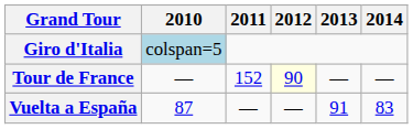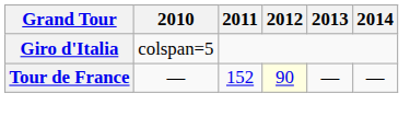 <table class="wikitable plainrowheaders">
 <tr>
 <th scope="col"><a href='#'>Grand Tour</a></th>
 <th scope="col">2010</th>
 <th scope="col">2011</th>
 <th scope="col">2012</th>
 <th scope="col">2013</th>
 <th scope="col">2014</th>
 </tr>
 <tr style="text-align:center;">
 <th scope="row"> <a href='#'>Giro d'Italia</a></th>
-<td style="background: lightblue;">colspan=5 </td>
+<td>colspan=5 </td>
 </tr>
 <tr style="text-align:center;">
 <th scope="row"> <a href='#'>Tour de France</a></th>
 <td>—</td>
 <td><a href='#'>152</a></td>
 <td style="background: lightyellow;"><a href='#'>90</a></td>
 <td>—</td>
 <td>—</td>
 </tr>
-<tr style="text-align:center;">
-<th scope="row"> <a href='#'>Vuelta a España</a></th>
-<td><a href='#'>87</a></td>
-<td>—</td>
-<td>—</td>
-<td><a href='#'>91</a></td>
-<td><a href='#'>83</a></td>
-</tr>
 </table>
